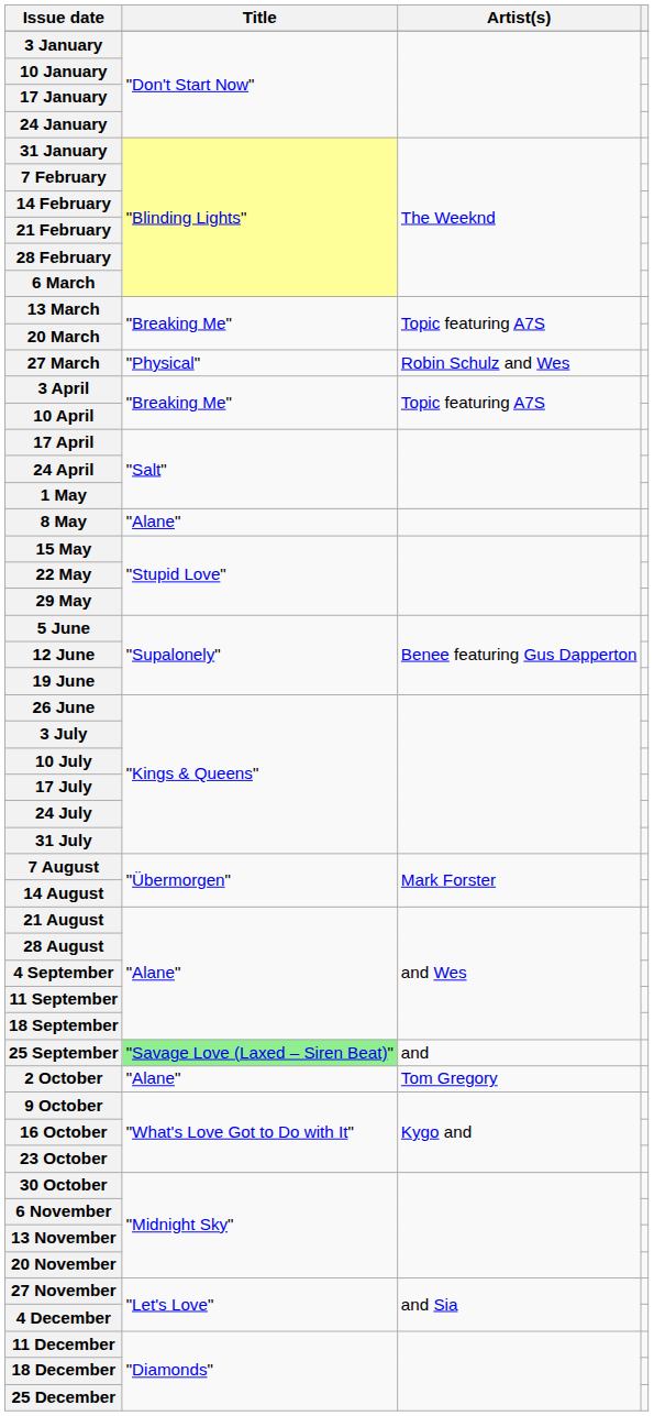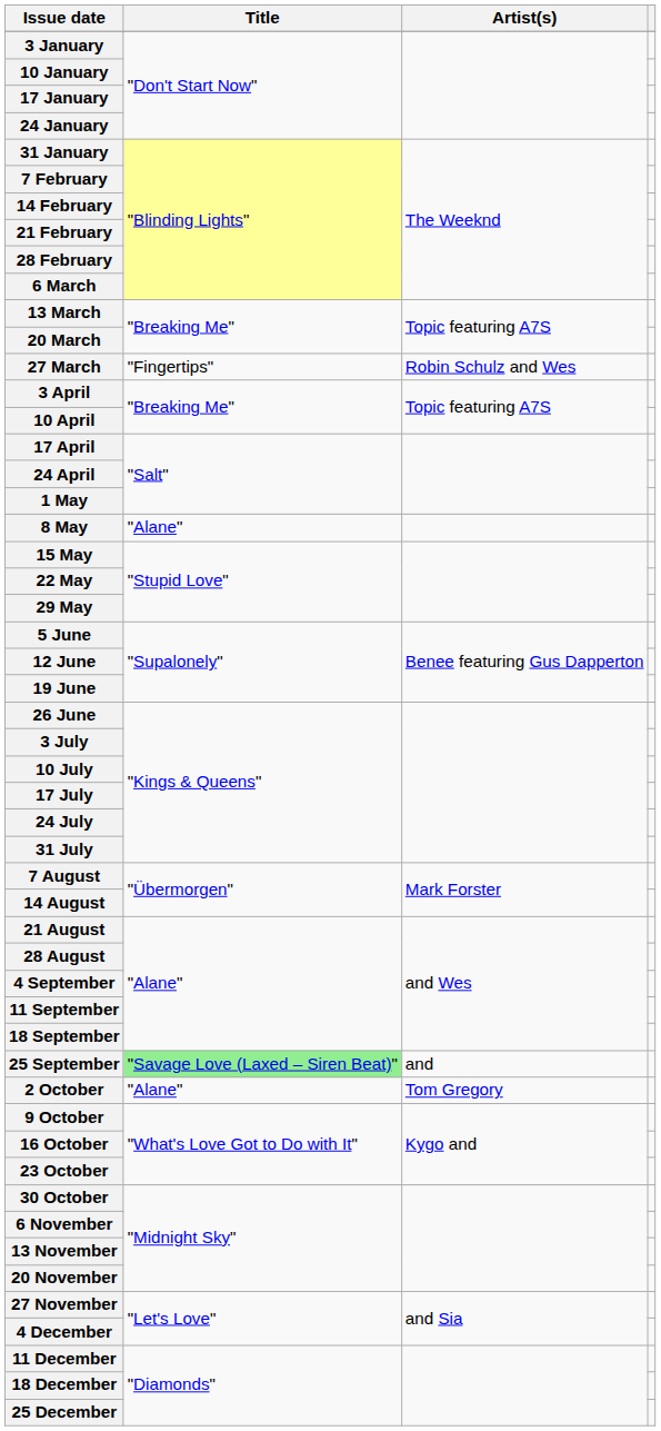 <table class="sortable wikitable sortable plainrowheaders">
 <tr>
 <th scope=col class="sortable">Issue date</th>
 <th scope=col class="sortable">Title</th>
 <th scope=col class="sortable">Artist(s)</th>
 <th scope=col class="unsortable"></th>
 </tr>
 <tr class=unsortable>
 </tr>
 <tr>
 <th scope="row" style="text-align:center;">3 January</th>
 <td scope="row" rowspan="4">"<a href='#'>Don't Start Now</a>"</td>
 <td rowspan="4"></td>
 <td style="text-align:center;"></td>
 </tr>
 <tr>
 <th scope="row" style="text-align:center;">10 January</th>
 <td style="text-align:center;"></td>
 </tr>
 <tr>
 <th scope="row" style="text-align:center;">17 January</th>
 <td style="text-align:center;"></td>
 </tr>
 <tr>
 <th scope="row" style="text-align:center;">24 January</th>
 <td style="text-align:center;"></td>
 </tr>
 <tr>
 <th scope="row" style="text-align:center;">31 January</th>
 <td rowspan="6" style="background-color:#FFFF99">"<a href='#'>Blinding Lights</a>"  </td>
 <td rowspan="6"><a href='#'>The Weeknd</a></td>
 <td style="text-align:center;"></td>
 </tr>
 <tr>
 <th scope="row" style="text-align:center;">7 February</th>
 <td style="text-align:center;"></td>
 </tr>
 <tr>
 <th scope="row" style="text-align:center;">14 February</th>
 <td style="text-align:center;"></td>
 </tr>
 <tr>
 <th scope="row" style="text-align:center;">21 February</th>
 <td style="text-align:center;"></td>
 </tr>
 <tr>
 <th scope="row" style="text-align:center;">28 February</th>
 <td style="text-align:center;"></td>
 </tr>
 <tr>
 <th scope="row" style="text-align:center;">6 March</th>
 <td style="text-align:center;"></td>
 </tr>
 <tr>
 <th scope="row" style="text-align:center;">13 March</th>
 <td scope="row" rowspan="2">"<a href='#'>Breaking Me</a>"</td>
 <td rowspan="2"><a href='#'>Topic</a> featuring <a href='#'>A7S</a></td>
 <td style="text-align:center;"></td>
 </tr>
 <tr>
 <th scope="row" style="text-align:center;">20 March</th>
 <td style="text-align:center;"></td>
 </tr>
 <tr>
 <th scope="row" style="text-align:center;">27 March</th>
-<td scope="row">"<a href='#'>Physical</a>"</td>
+<td scope="row">"Fingertips"</td>
 <td><a href='#'>Robin Schulz</a> and <a href='#'>Wes</a></td>
 <td style="text-align:center;"></td>
 </tr>
 <tr>
 <th scope="row" style="text-align:center;">3 April</th>
 <td scope="row" rowspan="2">"<a href='#'>Breaking Me</a>"</td>
 <td rowspan="2"><a href='#'>Topic</a> featuring <a href='#'>A7S</a></td>
 <td style="text-align:center;"></td>
 </tr>
 <tr>
 <th scope="row" style="text-align:center;">10 April</th>
 <td style="text-align:center;"></td>
 </tr>
 <tr>
 <th scope="row" style="text-align:center;">17 April</th>
 <td scope="row" rowspan="3">"<a href='#'>Salt</a>"</td>
 <td rowspan="3"></td>
 <td style="text-align:center;"></td>
 </tr>
 <tr>
 <th scope="row" style="text-align:center;">24 April</th>
 <td style="text-align:center;"></td>
 </tr>
 <tr>
 <th scope="row" style="text-align:center;">1 May</th>
 <td style="text-align:center;"></td>
 </tr>
 <tr>
 <th scope="row" style="text-align:center;">8 May</th>
 <td scope="row">"<a href='#'>Alane</a>"</td>
 <td></td>
 <td style="text-align:center;"></td>
 </tr>
 <tr>
 <th scope="row" style="text-align:center;">15 May</th>
 <td scope="row" rowspan="3">"<a href='#'>Stupid Love</a>"</td>
 <td rowspan="3"></td>
 <td style="text-align:center;"></td>
 </tr>
 <tr>
 <th scope="row" style="text-align:center;">22 May</th>
 <td style="text-align:center;"></td>
 </tr>
 <tr>
 <th scope="row" style="text-align:center;">29 May</th>
 <td style="text-align:center;"></td>
 </tr>
 <tr>
 <th scope="row" style="text-align:center;">5 June</th>
 <td scope="row" rowspan="3">"<a href='#'>Supalonely</a>"</td>
 <td rowspan="3"><a href='#'>Benee</a> featuring <a href='#'>Gus Dapperton</a></td>
 <td style="text-align:center;"></td>
 </tr>
 <tr>
 <th scope="row" style="text-align:center;">12 June</th>
 <td style="text-align:center;"></td>
 </tr>
 <tr>
 <th scope="row" style="text-align:center;">19 June</th>
 <td style="text-align:center;"></td>
 </tr>
 <tr>
 <th scope="row" style="text-align:center;">26 June</th>
 <td scope="row" rowspan="6">"<a href='#'>Kings & Queens</a>"</td>
 <td rowspan="6"></td>
 <td style="text-align:center;"></td>
 </tr>
 <tr>
 <th scope="row" style="text-align:center;">3 July</th>
 <td style="text-align:center;"></td>
 </tr>
 <tr>
 <th scope="row" style="text-align:center;">10 July</th>
 <td style="text-align:center;"></td>
 </tr>
 <tr>
 <th scope="row" style="text-align:center;">17 July</th>
 <td style="text-align:center;"></td>
 </tr>
 <tr>
 <th scope="row" style="text-align:center;">24 July</th>
 <td style="text-align:center;"></td>
 </tr>
 <tr>
 <th scope="row" style="text-align:center;">31 July</th>
 <td style="text-align:center;"></td>
 </tr>
 <tr>
 <th scope="row" style="text-align:center;">7 August</th>
 <td scope="row" rowspan="2">"<a href='#'>Übermorgen</a>"</td>
 <td rowspan="2"><a href='#'>Mark Forster</a></td>
 <td style="text-align:center;"></td>
 </tr>
 <tr>
 <th scope="row" style="text-align:center;">14 August</th>
 <td style="text-align:center;"></td>
 </tr>
 <tr>
 <th scope="row" style="text-align:center;">21 August</th>
 <td scope="row" rowspan="5">"<a href='#'>Alane</a>"</td>
 <td rowspan="5"> and <a href='#'>Wes</a></td>
 <td style="text-align:center;"></td>
 </tr>
 <tr>
 <th scope="row" style="text-align:center;">28 August</th>
 <td style="text-align:center;"></td>
 </tr>
 <tr>
 <th scope="row" style="text-align:center;">4 September</th>
 <td style="text-align:center;"></td>
 </tr>
 <tr>
 <th scope="row" style="text-align:center;">11 September</th>
 <td style="text-align:center;"></td>
 </tr>
 <tr>
 <th scope="row" style="text-align:center;">18 September</th>
 <td style="text-align:center;"></td>
 </tr>
 <tr>
 <th scope="row" style="text-align:center;">25 September</th>
 <td style="background-color:lightgreen">"<a href='#'>Savage Love (Laxed – Siren Beat)</a>" </td>
 <td> and </td>
 <td style="text-align:center;"></td>
 </tr>
 <tr>
 <th scope="row" style="text-align:center;">2 October</th>
 <td scope="row">"<a href='#'>Alane</a>"</td>
 <td><a href='#'>Tom Gregory</a></td>
 <td style="text-align:center;"></td>
 </tr>
 <tr>
 <th scope="row" style="text-align:center;">9 October</th>
 <td scope="row" rowspan="3">"<a href='#'>What's Love Got to Do with It</a>"</td>
 <td rowspan="3"><a href='#'>Kygo</a> and </td>
 <td style="text-align:center;"></td>
 </tr>
 <tr>
 <th scope="row" style="text-align:center;">16 October</th>
 <td style="text-align:center;"></td>
 </tr>
 <tr>
 <th scope="row" style="text-align:center;">23 October</th>
 <td style="text-align:center;"></td>
 </tr>
 <tr>
 <th scope="row" style="text-align:center;">30 October</th>
 <td scope="row" rowspan="4">"<a href='#'>Midnight Sky</a>"</td>
 <td rowspan="4"></td>
 <td style="text-align:center;"></td>
 </tr>
 <tr>
 <th scope="row" style="text-align:center;">6 November</th>
 <td style="text-align:center;"></td>
 </tr>
 <tr>
 <th scope="row" style="text-align:center;">13 November</th>
 <td style="text-align:center;"></td>
 </tr>
 <tr>
 <th scope="row" style="text-align:center;">20 November</th>
 <td style="text-align:center;"></td>
 </tr>
 <tr>
 <th scope="row" style="text-align:center;">27 November</th>
 <td scope="row" rowspan="2">"<a href='#'>Let's Love</a>"</td>
 <td rowspan="2"> and <a href='#'>Sia</a></td>
 <td style="text-align:center;"></td>
 </tr>
 <tr>
 <th scope="row" style="text-align:center;">4 December</th>
 <td style="text-align:center;"></td>
 </tr>
 <tr>
 <th scope="row" style="text-align:center;">11 December</th>
 <td scope="row" rowspan="3">"<a href='#'>Diamonds</a>"</td>
 <td rowspan="3"></td>
 <td style="text-align:center;"></td>
 </tr>
 <tr>
 <th scope="row" style="text-align:center;">18 December</th>
 <td style="text-align:center;"></td>
 </tr>
 <tr>
 <th scope="row" style="text-align:center;">25 December</th>
 <td style="text-align:center;"></td>
 </tr>
 </table>
